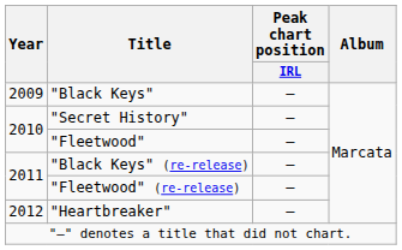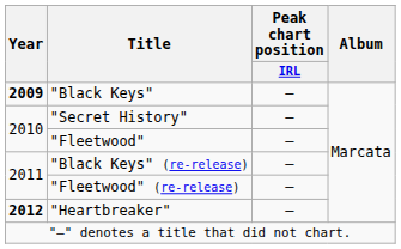 <table class="wikitable" style="text-align:center;">
 <tr>
 <th rowspan=2>Year</th>
 <th rowspan=2>Title</th>
 <th>Peak chart position</th>
 <th rowspan="2">Album</th>
 </tr>
 <tr>
 <th style="width:5em;font-size:85%"><a href='#'>IRL</a></th>
 </tr>
 <tr>
-<td rowspan="1">2009</td>
+<td rowspan="1"><strong>2009</strong></td>
 <td style="text-align:left;">"Black Keys"</td>
 <td>—</td>
 <td rowspan="6">Marcata</td>
 </tr>
 <tr>
 <td rowspan="2">2010</td>
 <td style="text-align:left;">"Secret History"</td>
 <td>—</td>
 </tr>
 <tr>
 <td style="text-align:left;">"Fleetwood"</td>
 <td>—</td>
 </tr>
 <tr>
 <td rowspan="2">2011</td>
 <td style="text-align:left;">"Black Keys" <small>(<a href='#'>re-release</a>)</small></td>
 <td>—</td>
 </tr>
 <tr>
 <td style="text-align:left;">"Fleetwood" <small>(<a href='#'>re-release</a>)</small></td>
 <td>—</td>
 </tr>
 <tr>
-<td>2012</td>
+<td><strong>2012</strong></td>
 <td style="text-align:left;">"Heartbreaker"</td>
 <td>—</td>
 </tr>
 <tr>
 <td colspan="4" style="font-size:90%">"—" denotes a title that did not chart.</td>
 </tr>
 </table>
